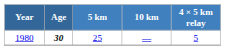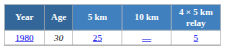 <table class="wikitable" style="font-size:95%; text-align:center; border:grey solid 1px; border-collapse:collapse; background:#ffffff;">
 <tr>
 <th style="background-color:#369; color:white; width:60px;"> Year </th>
 <th style="background-color:#369; color:white; width:40px;"> Age </th>
 <th style="background-color:#4180be; color:white; width:75px;"> 5 km </th>
 <th style="background-color:#4180be; color:white; width:75px;"> 10 km </th>
 <th style="background-color:#4180be; color:white; width:75px;"> 4 × 5 km <br> relay </th>
 </tr>
 <tr>
 <td><a href='#'>1980</a></td>
-<td><strong><em>30</em></strong></td>
+<td><em>30</em></td>
 <td><a href='#'>25</a></td>
 <td><a href='#'>—</a></td>
 <td><a href='#'>5</a></td>
 </tr>
 <tr>
 </tr>
 </table>
